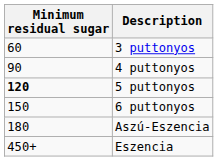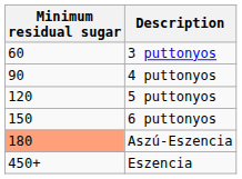 <table class="wikitable">
 <tr>
 <th>Minimum<br>residual sugar</th>
 <th>Description</th>
 </tr>
 <tr>
 <td>60</td>
 <td>3 <a href='#'>puttonyos</a></td>
 </tr>
 <tr>
 <td>90</td>
 <td>4 puttonyos</td>
 </tr>
 <tr>
-<td><strong>120</strong></td>
+<td>120</td>
 <td>5 puttonyos</td>
 </tr>
 <tr>
 <td>150</td>
 <td>6 puttonyos</td>
 </tr>
 <tr>
-<td>180</td>
+<td style="background: lightsalmon;">180</td>
 <td>Aszú-Eszencia</td>
 </tr>
 <tr>
 <td>450+</td>
 <td>Eszencia</td>
 </tr>
 </table>
